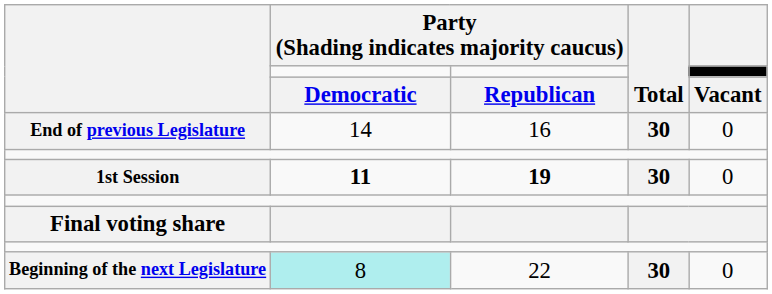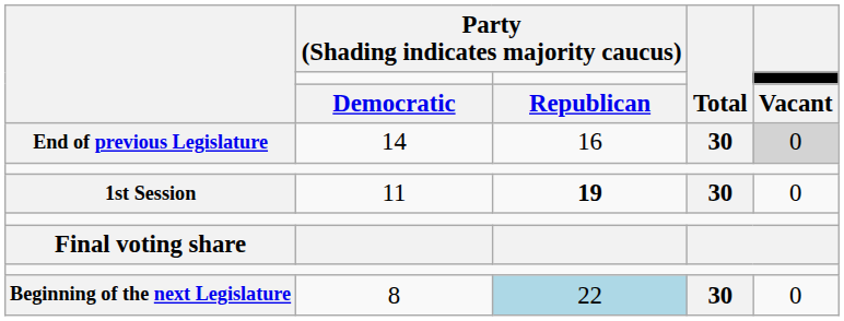 <table class=wikitable style="text-align:center">
 <tr style="vertical-align:bottom;">
 <th rowspan=3></th>
 <th colspan=2>Party <div>(Shading indicates majority caucus)</div></th>
 <th rowspan=3>Total</th>
 <th></th>
 </tr>
 <tr style="height:5px">
 <td style="background-color:"></td>
 <td style="background-color:"></td>
 <td style="background:black;"></td>
 </tr>
 <tr>
 <th><a href='#'>Democratic</a></th>
 <th><a href='#'>Republican</a></th>
 <th>Vacant</th>
 </tr>
 <tr>
 <th style="font-size:80%;">End of <a href='#'>previous Legislature</a></th>
 <td>14</td>
 <td>16</td>
 <th>30</th>
-<td>0</td>
+<td style="background: lightgrey;">0</td>
 </tr>
 <tr>
 <td colspan=6></td>
 </tr>
 <tr>
 <th style="font-size:80%;">1st Session</th>
-<td><strong>11</strong></td>
+<td>11</td>
 <td><strong>19</strong></td>
 <th>30</th>
 <td>0</td>
 </tr>
 <tr>
 <td colspan=6></td>
 </tr>
 <tr>
 <th>Final voting share</th>
 <th></th>
 <th></th>
 <th colspan=2></th>
 </tr>
 <tr>
 <td colspan=6></td>
 </tr>
 <tr>
 <th style="font-size:80%;">Beginning of the <a href='#'>next Legislature</a></th>
-<td style="background: paleturquoise;">8</td>
-<td>22</td>
+<td>8</td>
+<td style="background: lightblue;">22</td>
 <th>30</th>
 <td>0</td>
 </tr>
 </table>
